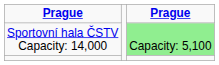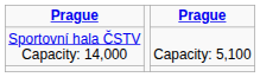 <table class="wikitable" style="text-align:center;">
 <tr>
 <td><strong><a href='#'>Prague</a></strong></td>
 <td rowspan="3"></td>
 <td><strong><a href='#'>Prague</a></strong></td>
 </tr>
 <tr>
 <td><a href='#'>Sportovní hala ČSTV</a><br>Capacity: 14,000</td>
-<td style="background: lightgreen;"><br>Capacity: 5,100</td>
+<td><br>Capacity: 5,100</td>
 </tr>
 <tr>
 <td></td>
 <td></td>
 </tr>
 </table>
